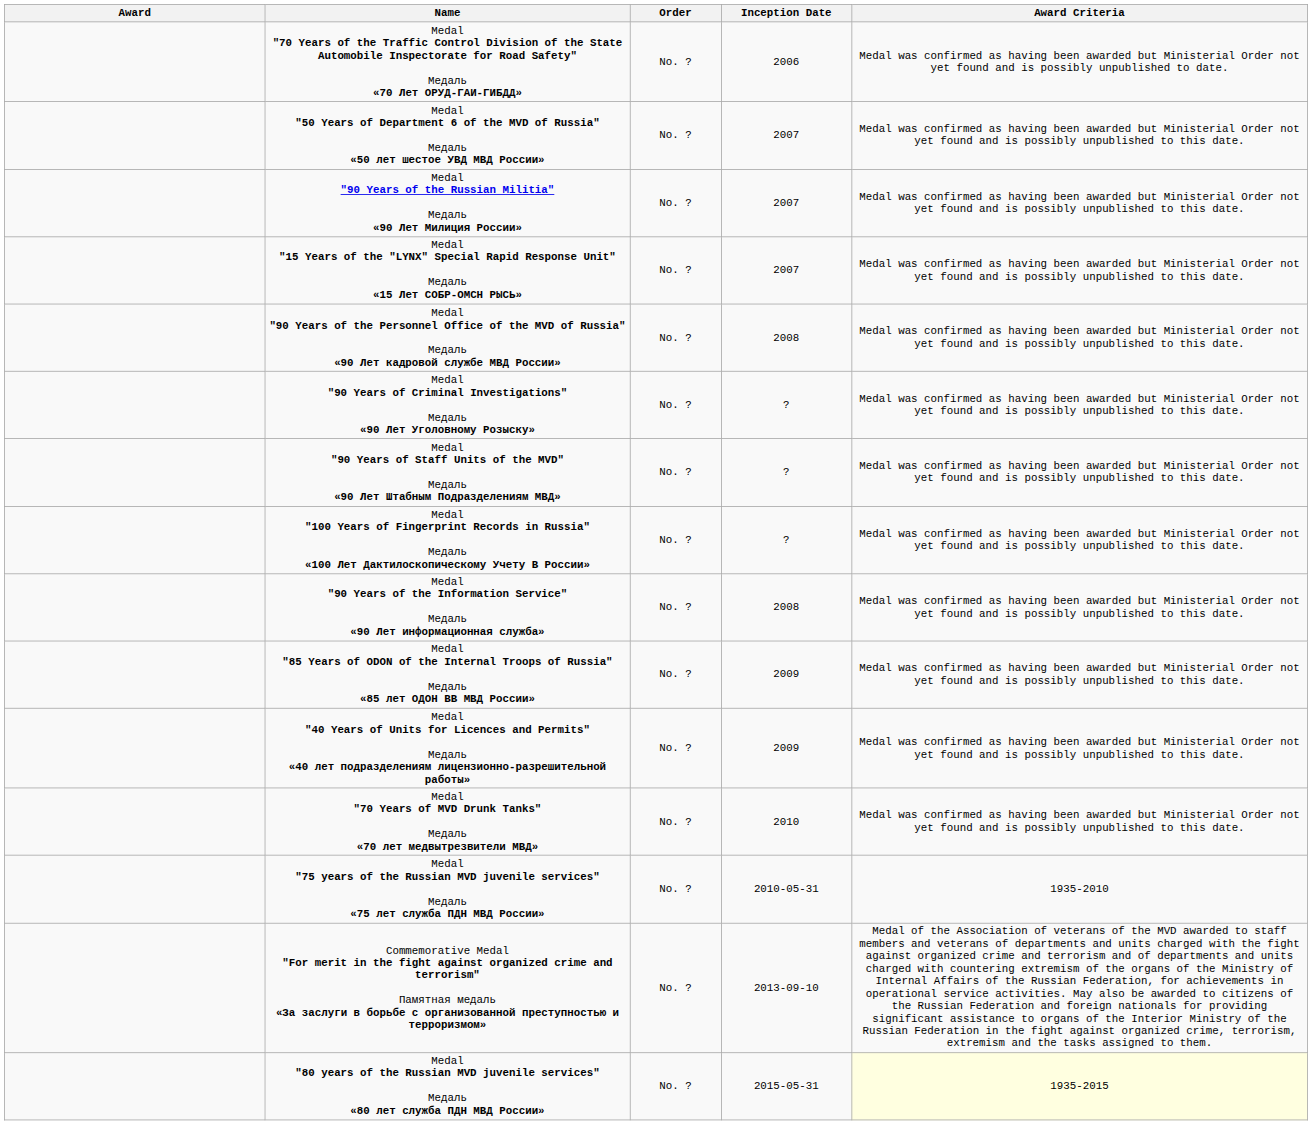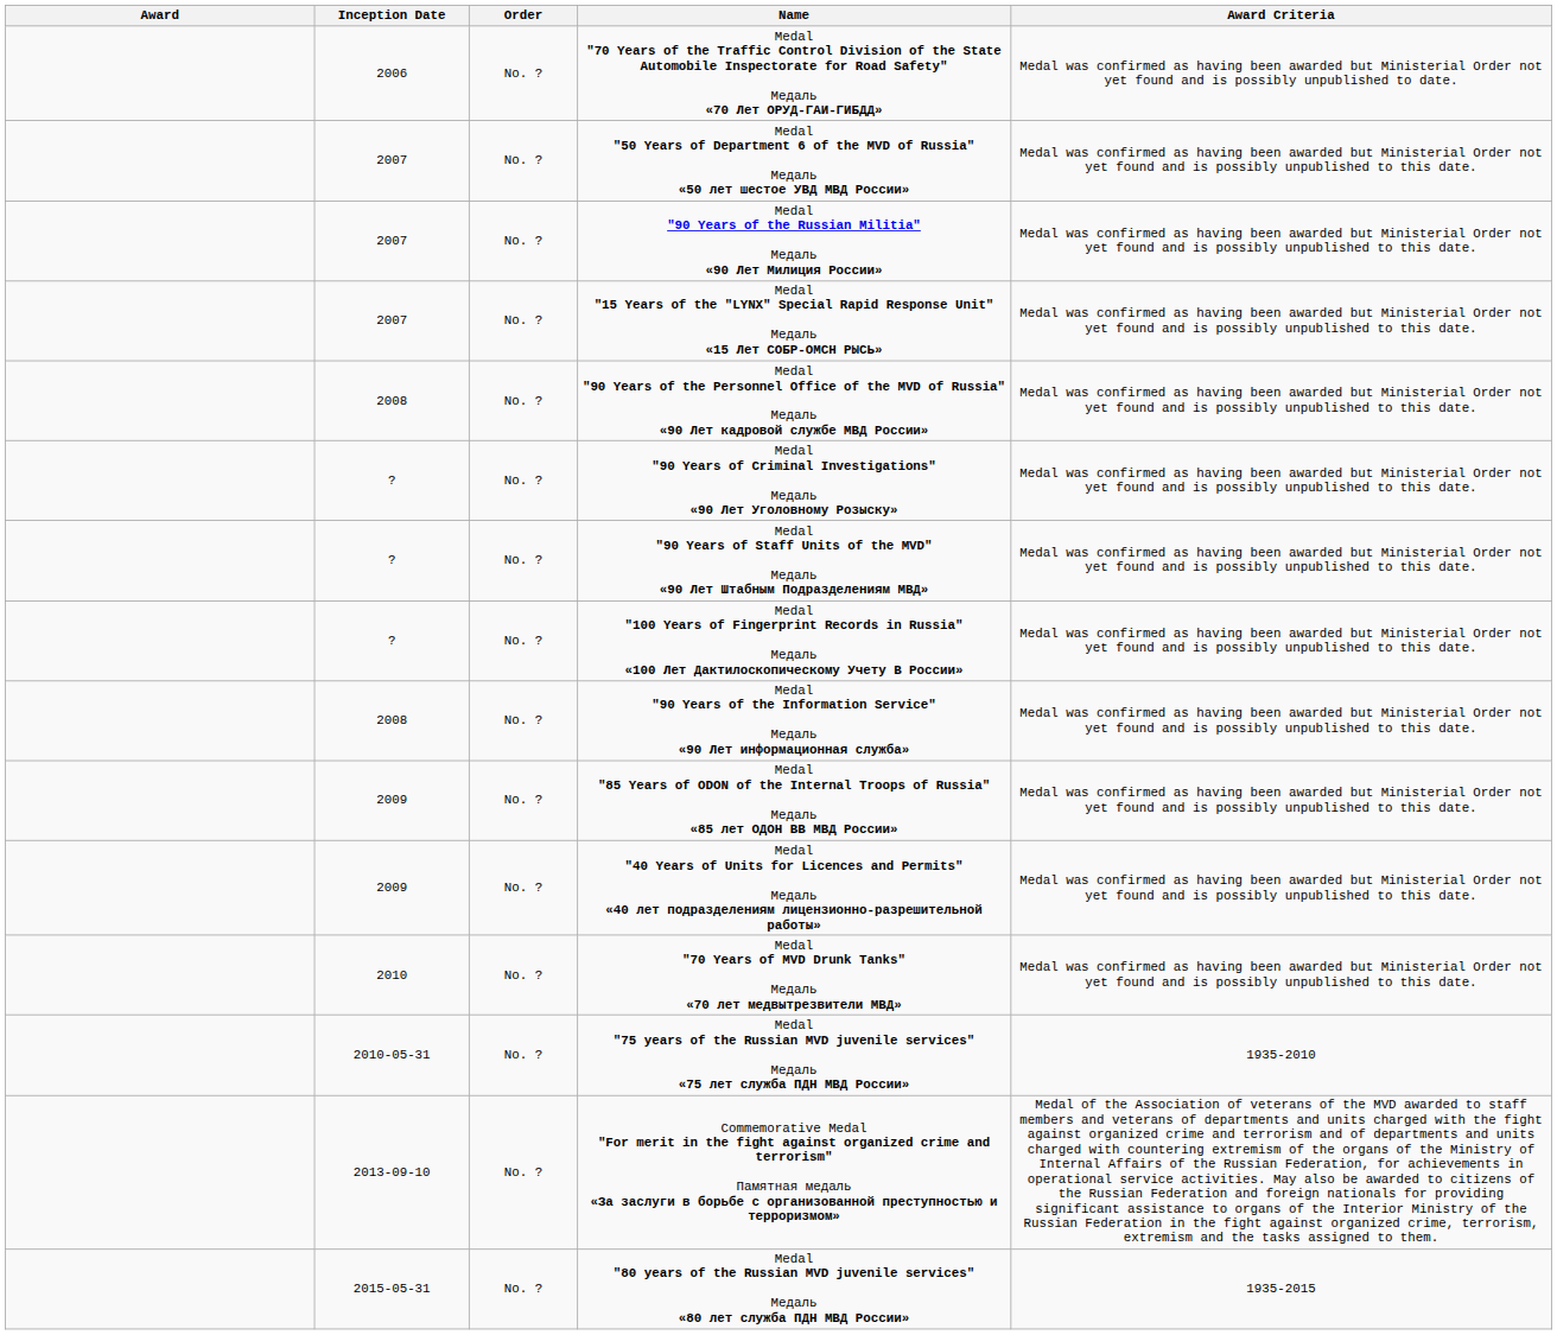 <table class="wikitable sortable" style="text-align:center">
 <tr>
 <th style="width:20%">Award</th>
+<th style="width:10%">Inception Date</th>
+<th>Order</th>
 <th style="width:28%">Name </th>
-<th>Order</th>
-<th style="width:10%">Inception Date</th>
 <th style="width:35%">Award Criteria</th>
 </tr>
 <tr>
 <td></td>
+<td>2006</td>
+<td>No. ?</td>
 <td>Medal<br><strong>"70 Years of the Traffic Control Division of the State Automobile Inspectorate for Road Safety"</strong><br><br>Медаль<br><strong>«70 Лет ОРУД-ГАИ-ГИБДД»</strong></td>
-<td>No. ?</td>
-<td>2006</td>
 <td>Medal was confirmed as having been awarded but Ministerial Order not yet found and is possibly unpublished to date.</td>
 </tr>
 <tr>
 <td></td>
+<td>2007</td>
+<td>No. ?</td>
 <td>Medal<br><strong>"50 Years of Department 6 of the MVD of Russia"</strong><br><br>Медаль<br><strong>«50 лет шестое УВД МВД России»</strong></td>
-<td>No. ?</td>
-<td>2007</td>
 <td>Medal was confirmed as having been awarded but Ministerial Order not yet found and is possibly unpublished to this date.</td>
 </tr>
 <tr>
 <td></td>
+<td>2007</td>
+<td>No. ?</td>
 <td>Medal<br><strong><a href='#'>"90 Years of the Russian Militia"</a></strong><br><br>Медаль<br><strong>«90 Лет Милиция России»</strong></td>
-<td>No. ?</td>
-<td>2007</td>
 <td>Medal was confirmed as having been awarded but Ministerial Order not yet found and is possibly unpublished to this date.</td>
 </tr>
 <tr>
 <td></td>
+<td>2007</td>
+<td>No. ?</td>
 <td>Medal<br><strong>"15 Years of the "LYNX" Special Rapid Response Unit"</strong><br><br>Медаль<br><strong>«15 Лет СОБР-ОМСН РЫСЬ»</strong></td>
-<td>No. ?</td>
-<td>2007</td>
 <td>Medal was confirmed as having been awarded but Ministerial Order not yet found and is possibly unpublished to this date.</td>
 </tr>
 <tr>
 <td></td>
+<td>2008</td>
+<td>No. ?</td>
 <td>Medal<br><strong>"90 Years of the Personnel Office of the MVD of Russia"</strong><br><br>Медаль<br><strong>«90 Лет кадровой службе МВД России»</strong></td>
-<td>No. ?</td>
-<td>2008</td>
 <td>Medal was confirmed as having been awarded but Ministerial Order not yet found and is possibly unpublished to this date.</td>
 </tr>
 <tr>
 <td></td>
+<td>?</td>
+<td>No. ?</td>
 <td>Medal<br><strong>"90 Years of Criminal Investigations"</strong><br><br>Медаль<br><strong>«90 Лет Уголовному Розыску»</strong></td>
-<td>No. ?</td>
-<td>?</td>
 <td>Medal was confirmed as having been awarded but Ministerial Order not yet found and is possibly unpublished to this date.</td>
 </tr>
 <tr>
 <td></td>
+<td>?</td>
+<td>No. ?</td>
 <td>Medal<br><strong>"90 Years of Staff Units of the MVD"</strong><br><br>Медаль<br><strong>«90 Лет Штабным Подразделениям МВД»</strong></td>
-<td>No. ?</td>
-<td>?</td>
 <td>Medal was confirmed as having been awarded but Ministerial Order not yet found and is possibly unpublished to this date.</td>
 </tr>
 <tr>
 <td></td>
+<td>?</td>
+<td>No. ?</td>
 <td>Medal<br><strong>"100 Years of Fingerprint Records in Russia"</strong><br><br>Медаль<br><strong>«100 Лет Дактилоскопическому Учету В России»</strong></td>
-<td>No. ?</td>
-<td>?</td>
 <td>Medal was confirmed as having been awarded but Ministerial Order not yet found and is possibly unpublished to this date.</td>
 </tr>
 <tr>
 <td></td>
+<td>2008</td>
+<td>No. ?</td>
 <td>Medal<br><strong>"90 Years of the Information Service"</strong><br><br>Медаль<br><strong>«90 Лет информационная служба»</strong></td>
-<td>No. ?</td>
-<td>2008</td>
 <td>Medal was confirmed as having been awarded but Ministerial Order not yet found and is possibly unpublished to this date.</td>
 </tr>
 <tr>
 <td></td>
+<td>2009</td>
+<td>No. ?</td>
 <td>Medal<br><strong>"85 Years of ODON of the Internal Troops of Russia"</strong><br><br>Медаль<br><strong>«85 лет ОДОН ВВ МВД России»</strong></td>
-<td>No. ?</td>
-<td>2009</td>
 <td>Medal was confirmed as having been awarded but Ministerial Order not yet found and is possibly unpublished to this date.</td>
 </tr>
 <tr>
 <td></td>
+<td>2009</td>
+<td>No. ?</td>
 <td>Medal<br><strong>"40 Years of Units for Licences and Permits"</strong><br><br>Медаль<br><strong>«40 лет подразделениям лицензионно-разрешительной работы»</strong></td>
-<td>No. ?</td>
-<td>2009</td>
 <td>Medal was confirmed as having been awarded but Ministerial Order not yet found and is possibly unpublished to this date.</td>
 </tr>
 <tr>
 <td></td>
+<td>2010</td>
+<td>No. ?</td>
 <td>Medal<br><strong>"70 Years of MVD Drunk Tanks"</strong><br><br>Медаль<br><strong>«70 лет медвытрезвители МВД»</strong></td>
-<td>No. ?</td>
-<td>2010</td>
 <td>Medal was confirmed as having been awarded but Ministerial Order not yet found and is possibly unpublished to this date.</td>
 </tr>
 <tr>
 <td></td>
+<td>2010-05-31</td>
+<td>No. ?</td>
 <td>Medal<br><strong>"75 years of the Russian MVD juvenile services"</strong><br><br>Медаль<br><strong>«75 лет служба ПДН МВД России»</strong></td>
-<td>No. ?</td>
-<td>2010-05-31</td>
 <td>1935-2010</td>
 </tr>
 <tr>
 <td></td>
+<td>2013-09-10</td>
+<td>No. ?</td>
 <td>Commemorative Medal<br><strong>"For merit in the fight against organized crime and terrorism"</strong><br><br>Памятная медаль<br><strong>«За заслуги в борьбе с организованной преступностью и терроризмом»</strong></td>
-<td>No. ?</td>
-<td>2013-09-10</td>
 <td>Medal of the Association of veterans of the MVD awarded to staff members and veterans of departments and units charged with the fight against organized crime and terrorism and of departments and units charged with countering extremism of the organs of the Ministry of Internal Affairs of the Russian Federation, for achievements in operational service activities.  May also be awarded to citizens of the Russian Federation and foreign nationals for providing significant assistance to organs of the Interior Ministry of the Russian Federation in the fight against organized crime, terrorism, extremism and the tasks assigned to them.</td>
 </tr>
 <tr>
 <td></td>
+<td>2015-05-31</td>
+<td>No. ?</td>
 <td>Medal<br><strong>"80 years of the Russian MVD juvenile services"</strong><br><br>Медаль<br><strong>«80 лет служба ПДН МВД России»</strong></td>
-<td>No. ?</td>
-<td>2015-05-31</td>
-<td style="background: lightyellow;">1935-2015</td>
+<td>1935-2015</td>
 </tr>
 </table>
